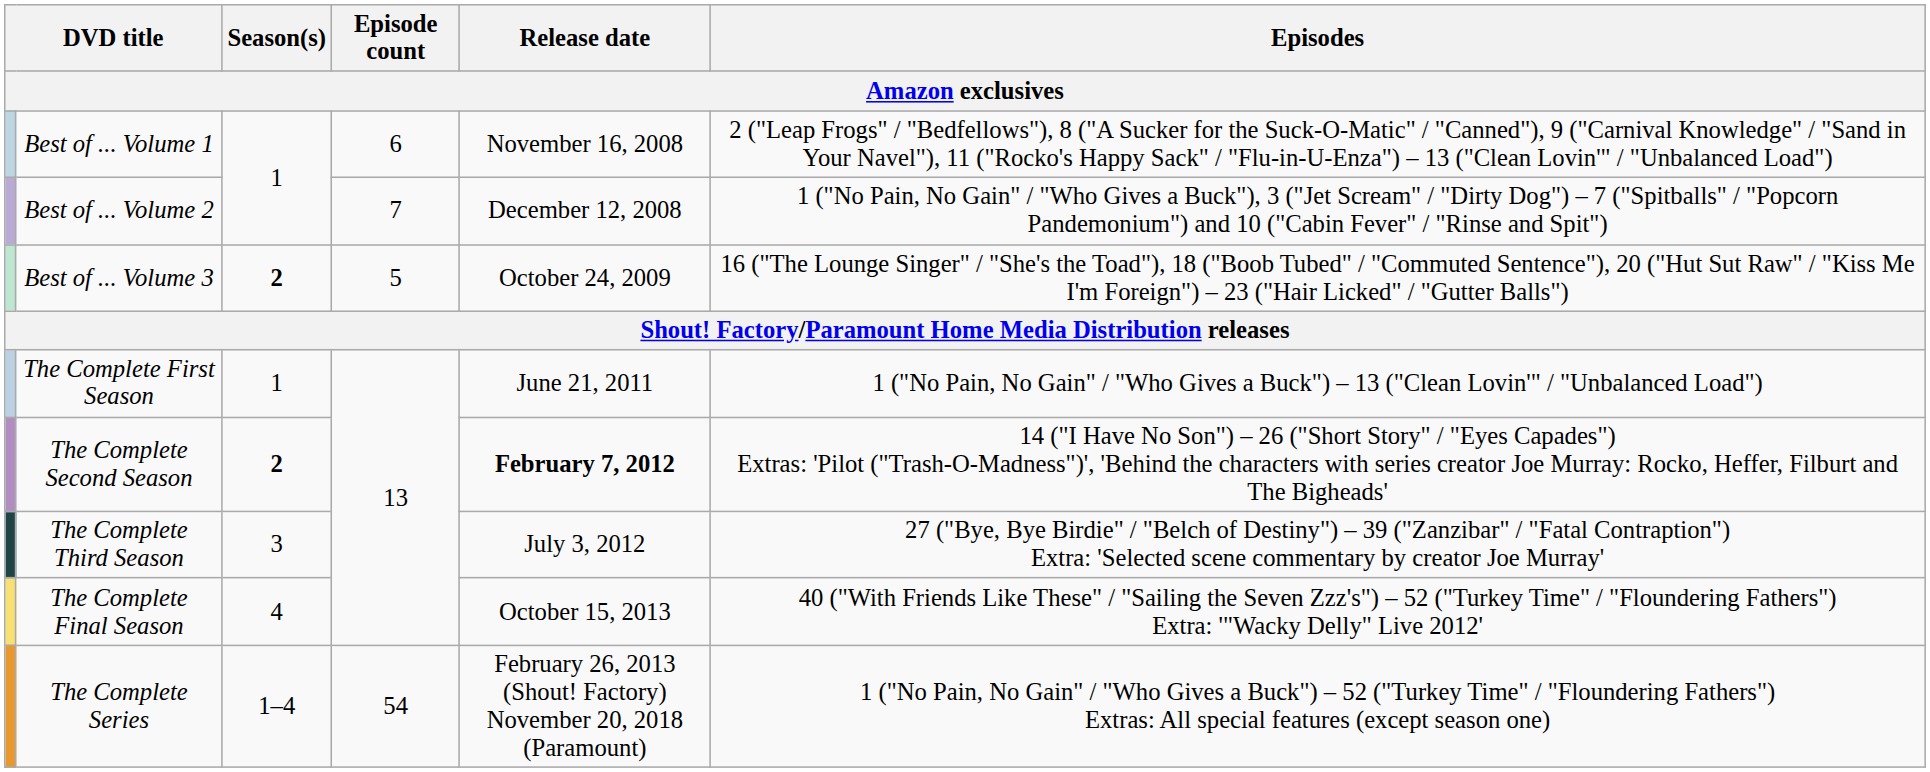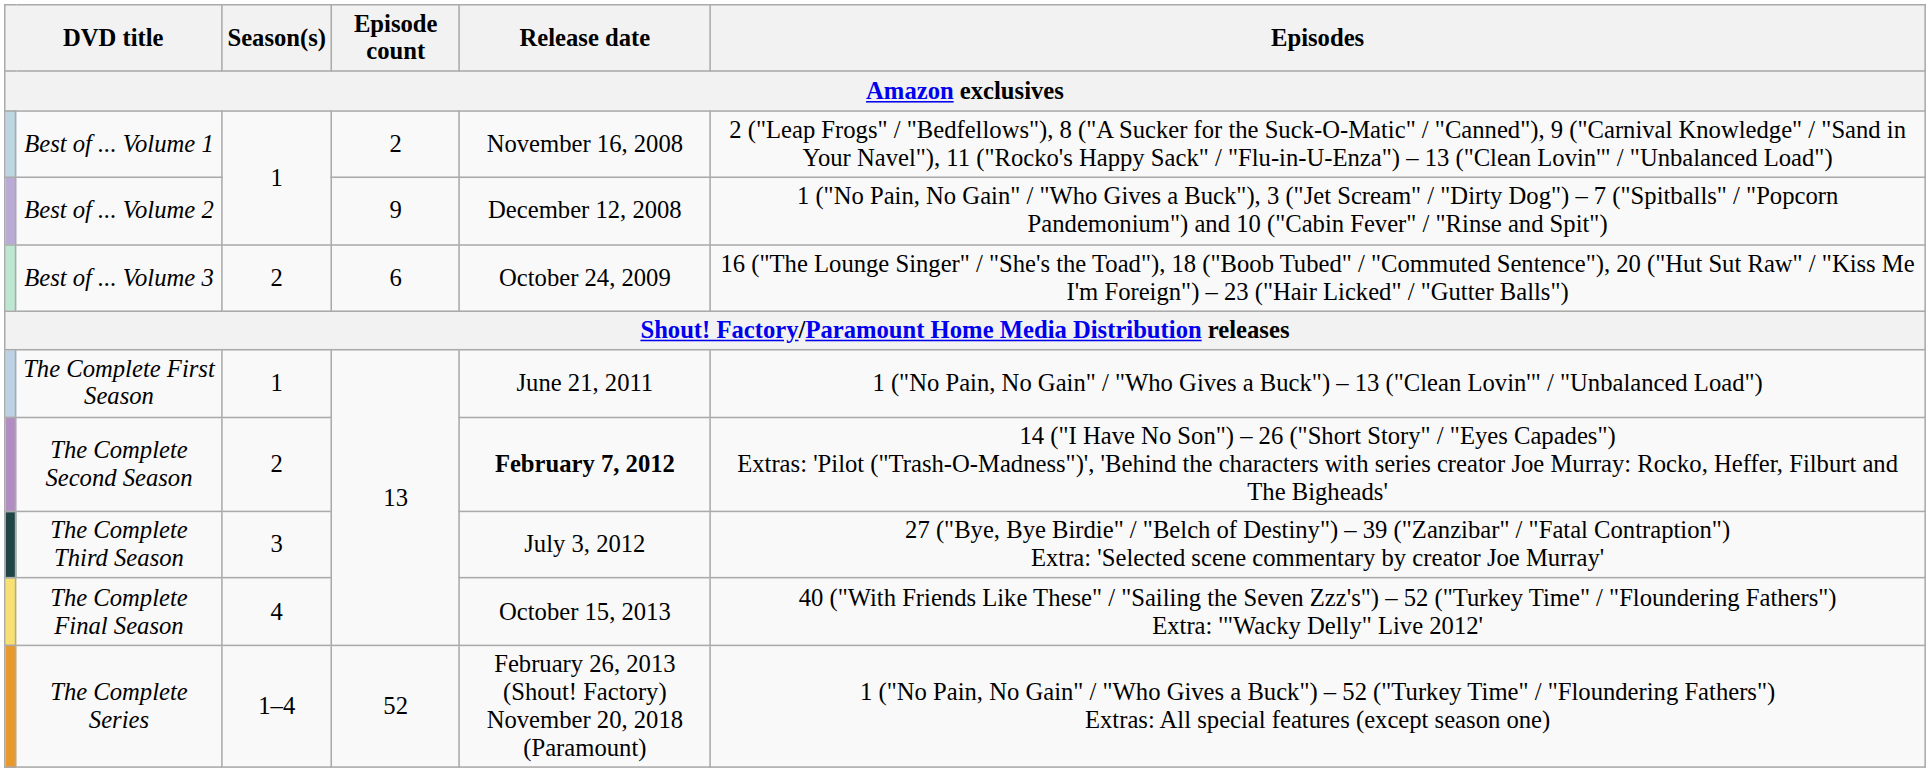 <table class="wikitable" style="text-align: center;">
 <tr>
 <th colspan=2>DVD title</th>
 <th>Season(s)</th>
 <th>Episode count</th>
 <th>Release date</th>
 <th>Episodes</th>
 </tr>
 <tr>
 <th colspan=7><a href='#'>Amazon</a> exclusives</th>
 </tr>
 <tr>
 <td style="background:#bcd7e2"></td>
 <td><em>Best of ... Volume 1</em></td>
 <td rowspan=2>1</td>
-<td>6</td>
+<td>2</td>
 <td>November 16, 2008</td>
 <td>2 ("Leap Frogs" / "Bedfellows"), 8 ("A Sucker for the Suck-O-Matic" / "Canned"), 9 ("Carnival Knowledge" / "Sand in Your Navel"), 11 ("Rocko's Happy Sack" / "Flu-in-U-Enza") – 13 ("Clean Lovin'" / "Unbalanced Load")</td>
 </tr>
 <tr>
 <td style="background:#baabd6"></td>
 <td><em>Best of ... Volume 2</em></td>
-<td>7</td>
+<td>9</td>
 <td>December 12, 2008</td>
 <td>1 ("No Pain, No Gain" / "Who Gives a Buck"), 3 ("Jet Scream" / "Dirty Dog") – 7 ("Spitballs" / "Popcorn Pandemonium") and 10 ("Cabin Fever" / "Rinse and Spit")</td>
 </tr>
 <tr>
 <td style="background:#bde7d1"></td>
 <td><em>Best of ... Volume 3</em></td>
-<td><strong>2</strong></td>
-<td>5</td>
+<td>2</td>
+<td>6</td>
 <td>October 24, 2009</td>
 <td>16 ("The Lounge Singer" / "She's the Toad"), 18 ("Boob Tubed" / "Commuted Sentence"), 20 ("Hut Sut Raw" / "Kiss Me I'm Foreign") – 23 ("Hair Licked" / "Gutter Balls")</td>
 </tr>
 <tr>
 <th colspan=7><a href='#'>Shout! Factory</a>/<a href='#'>Paramount Home Media Distribution</a> releases</th>
 </tr>
 <tr>
 <td style="background:#bcd1e4"></td>
 <td><em>The Complete First Season</em></td>
 <td>1</td>
 <td rowspan=4>13</td>
 <td>June 21, 2011</td>
 <td>1 ("No Pain, No Gain" / "Who Gives a Buck") – 13 ("Clean Lovin'" / "Unbalanced Load")</td>
 </tr>
 <tr>
 <td style="background:#b28dc1"></td>
 <td><em>The Complete Second Season</em></td>
-<td><strong>2</strong></td>
+<td>2</td>
 <td><strong>February 7, 2012</strong></td>
 <td>14 ("I Have No Son") – 26 ("Short Story" / "Eyes Capades")<br>Extras: 'Pilot ("Trash-O-Madness")', 'Behind the characters with series creator Joe Murray: Rocko, Heffer, Filburt and The Bigheads'</td>
 </tr>
 <tr>
 <td style="background:#1e4445"></td>
 <td><em>The Complete Third Season</em></td>
 <td>3</td>
 <td>July 3, 2012</td>
 <td>27 ("Bye, Bye Birdie" / "Belch of Destiny") – 39 ("Zanzibar" / "Fatal Contraption")<br>Extra: 'Selected scene commentary by creator Joe Murray'</td>
 </tr>
 <tr>
 <td style="background:#f8e072"></td>
 <td><em>The Complete Final Season</em></td>
 <td>4</td>
 <td>October 15, 2013</td>
 <td>40 ("With Friends Like These" / "Sailing the Seven Zzz's") – 52 ("Turkey Time" / "Floundering Fathers")<br>Extra: '"Wacky Delly" Live 2012'</td>
 </tr>
 <tr>
 <td style="background:#e9982c"></td>
 <td><em>The Complete Series</em></td>
 <td>1–4</td>
-<td>54</td>
+<td>52</td>
 <td>February 26, 2013 (Shout! Factory)<br>November 20, 2018 (Paramount)</td>
 <td>1 ("No Pain, No Gain" / "Who Gives a Buck") – 52 ("Turkey Time" / "Floundering Fathers")<br>Extras: All special features (except season one)</td>
 </tr>
 </table>
